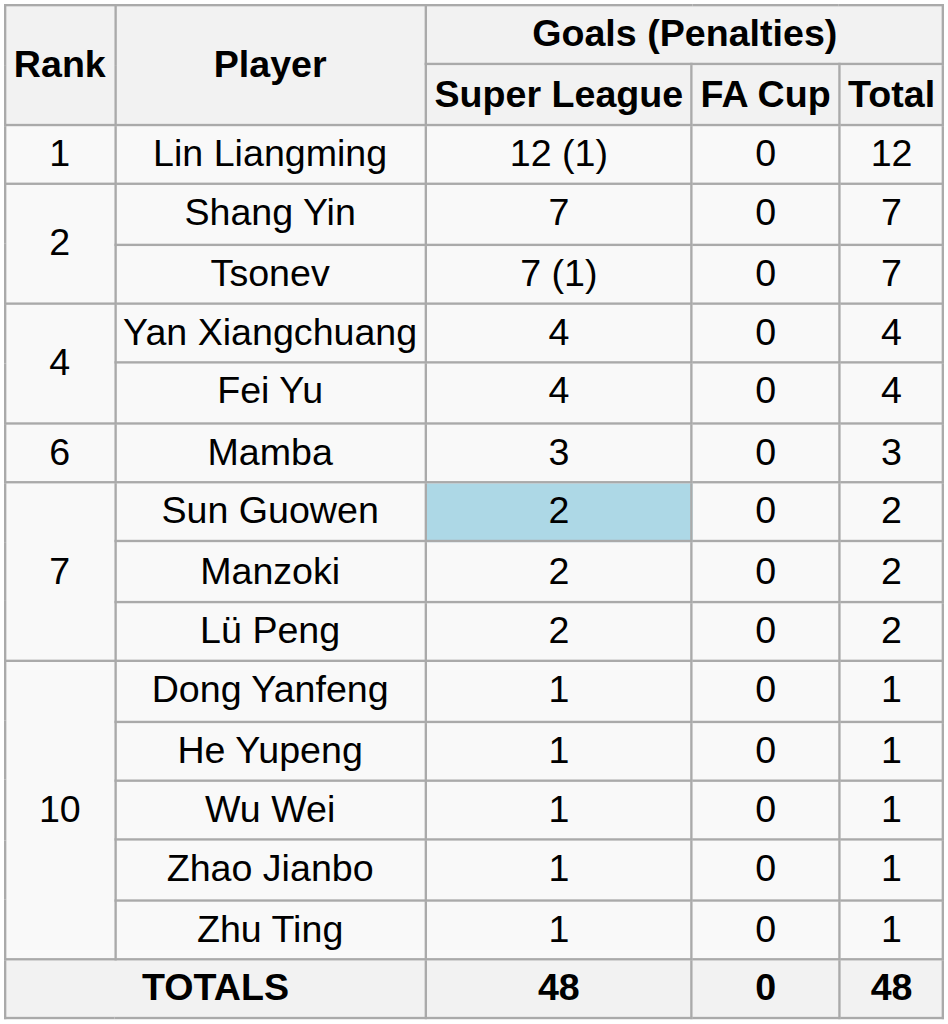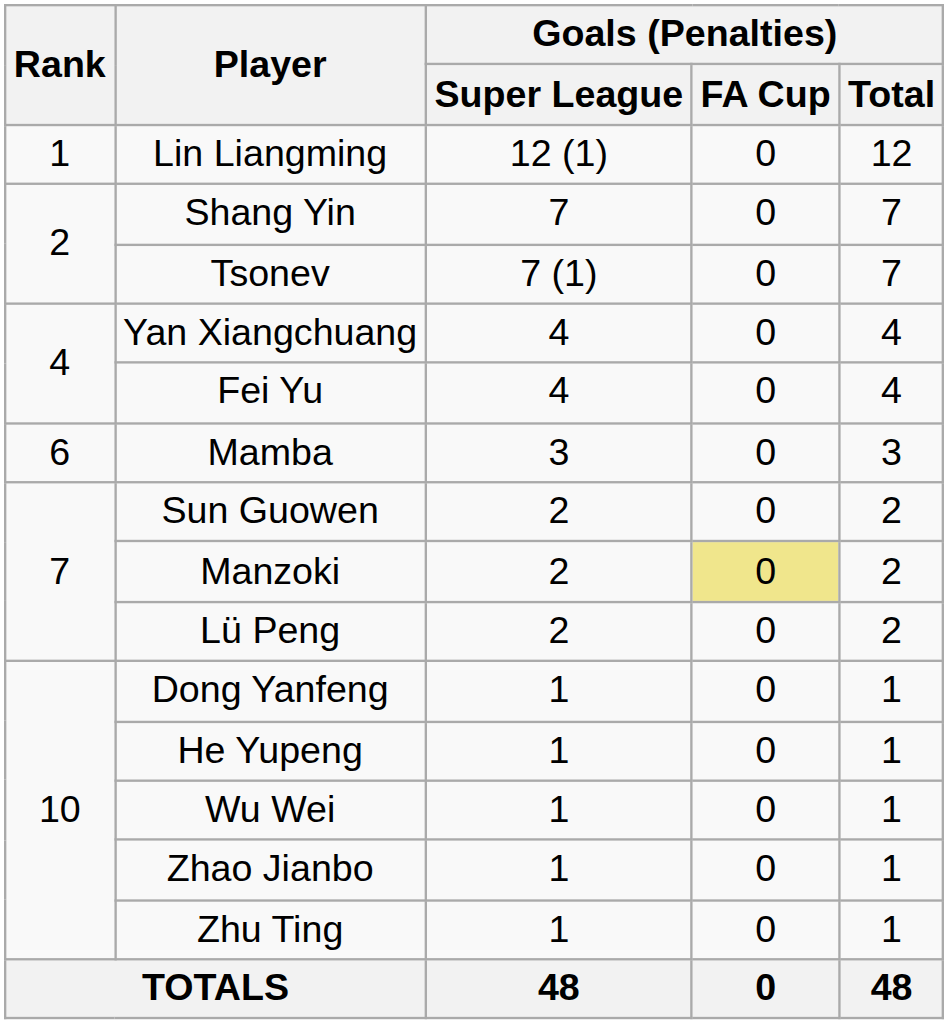 <table class="wikitable" style="text-align:center">
 <tr>
 <th rowspan="2">Rank</th>
 <th rowspan="2">Player</th>
 <th colspan="3">Goals (Penalties)</th>
 </tr>
 <tr>
 <th>Super League</th>
 <th>FA Cup</th>
 <th>Total</th>
 </tr>
 <tr>
 <td>1</td>
 <td>Lin Liangming</td>
 <td>12 (1)</td>
 <td>0</td>
 <td>12</td>
 </tr>
 <tr>
 <td rowspan="2">2</td>
 <td>Shang Yin</td>
 <td>7</td>
 <td>0</td>
 <td>7</td>
 </tr>
 <tr>
 <td>Tsonev</td>
 <td>7 (1)</td>
 <td>0</td>
 <td>7</td>
 </tr>
 <tr>
 <td rowspan="2">4</td>
 <td>Yan Xiangchuang</td>
 <td>4</td>
 <td>0</td>
 <td>4</td>
 </tr>
 <tr>
 <td>Fei Yu</td>
 <td>4</td>
 <td>0</td>
 <td>4</td>
 </tr>
 <tr>
 <td>6</td>
 <td>Mamba</td>
 <td>3</td>
 <td>0</td>
 <td>3</td>
 </tr>
 <tr>
 <td rowspan="3">7</td>
 <td>Sun Guowen</td>
-<td style="background: lightblue;">2</td>
+<td>2</td>
 <td>0</td>
 <td>2</td>
 </tr>
 <tr>
 <td>Manzoki</td>
 <td>2</td>
-<td>0</td>
+<td style="background: khaki;">0</td>
 <td>2</td>
 </tr>
 <tr>
 <td>Lü Peng</td>
 <td>2</td>
 <td>0</td>
 <td>2</td>
 </tr>
 <tr>
 <td rowspan="5">10</td>
 <td>Dong Yanfeng</td>
 <td>1</td>
 <td>0</td>
 <td>1</td>
 </tr>
 <tr>
 <td>He Yupeng</td>
 <td>1</td>
 <td>0</td>
 <td>1</td>
 </tr>
 <tr>
 <td>Wu Wei</td>
 <td>1</td>
 <td>0</td>
 <td>1</td>
 </tr>
 <tr>
 <td>Zhao Jianbo</td>
 <td>1</td>
 <td>0</td>
 <td>1</td>
 </tr>
 <tr>
 <td>Zhu Ting</td>
 <td>1</td>
 <td>0</td>
 <td>1</td>
 </tr>
 <tr class="sortbottom">
 <th colspan="2">TOTALS</th>
 <th>48</th>
 <th>0</th>
 <th>48</th>
 </tr>
 </table>
